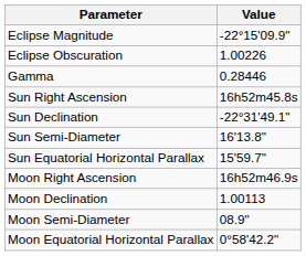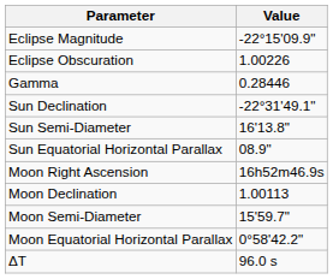 <table class="wikitable">
 <tr>
 <th>Parameter</th>
 <th>Value</th>
 </tr>
 <tr>
 <td>Eclipse Magnitude</td>
 <td>-22°15'09.9"</td>
 </tr>
 <tr>
 <td>Eclipse Obscuration</td>
 <td>1.00226</td>
 </tr>
 <tr>
 <td>Gamma</td>
 <td>0.28446</td>
 </tr>
 <tr>
-<td>Sun Right Ascension</td>
-<td>16h52m45.8s</td>
-</tr>
-<tr>
 <td>Sun Declination</td>
 <td>-22°31'49.1"</td>
 </tr>
 <tr>
 <td>Sun Semi-Diameter</td>
 <td>16'13.8"</td>
 </tr>
 <tr>
 <td>Sun Equatorial Horizontal Parallax</td>
-<td>15'59.7"</td>
+<td>08.9"</td>
 </tr>
 <tr>
 <td>Moon Right Ascension</td>
 <td>16h52m46.9s</td>
 </tr>
 <tr>
 <td>Moon Declination</td>
 <td>1.00113</td>
 </tr>
 <tr>
 <td>Moon Semi-Diameter</td>
-<td>08.9"</td>
+<td>15'59.7"</td>
 </tr>
 <tr>
 <td>Moon Equatorial Horizontal Parallax</td>
 <td>0°58'42.2"</td>
 </tr>
+<tr>
+<td>ΔT</td>
+<td>96.0 s</td>
+</tr>
 </table>
